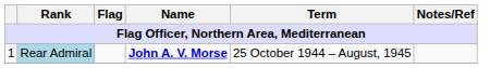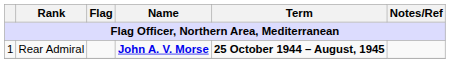 <table class="wikitable">
 <tr>
 <th></th>
 <th>Rank</th>
 <th>Flag</th>
 <th>Name</th>
 <th>Term</th>
 <th>Notes/Ref</th>
 </tr>
 <tr>
 <td colspan="6" align="center" style="background:#dcdcfe;"><strong>Flag Officer, Northern Area, Mediterranean</strong> </td>
 </tr>
 <tr>
 <td>1</td>
-<td style="background: lightblue;">Rear Admiral</td>
+<td>Rear Admiral</td>
 <td></td>
 <td><strong><a href='#'>John A. V. Morse</a></strong></td>
-<td>25 October 1944 – August, 1945</td>
+<td><strong>25 October 1944 – August, 1945</strong></td>
 <td></td>
 </tr>
 <tr>
 </tr>
 </table>
